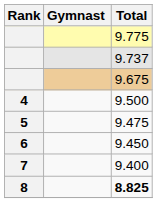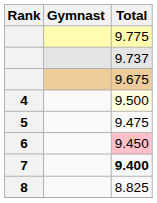 <table class="wikitable sortable" style="text-align:center; font-size:95%">
 <tr>
 <th scope=col>Rank</th>
 <th scope=col>Gymnast </th>
 <th scope=col>Total</th>
 </tr>
 <tr bgcolor=fffcaf>
 <th scope=row style="text-align:center"></th>
 <td align=left> </td>
 <td>9.775</td>
 </tr>
 <tr bgcolor=e5e5e5>
 <th scope=row style="text-align:center"></th>
 <td align=left> </td>
 <td>9.737</td>
 </tr>
 <tr bgcolor=eecc99>
 <th scope=row style="text-align:center"></th>
 <td align=left> </td>
 <td>9.675</td>
 </tr>
 <tr>
 <th scope=row style="text-align:center">4</th>
 <td align=left> </td>
-<td>9.500</td>
+<td style="background: lightyellow;">9.500</td>
 </tr>
 <tr>
 <th scope=row style="text-align:center">5</th>
 <td align=left> </td>
 <td>9.475</td>
 </tr>
 <tr>
 <th scope=row style="text-align:center">6</th>
 <td align=left> </td>
-<td>9.450</td>
+<td style="background: pink;">9.450</td>
 </tr>
 <tr>
 <th scope=row style="text-align:center">7</th>
 <td align=left> </td>
-<td>9.400</td>
+<td><strong>9.400</strong></td>
 </tr>
 <tr>
 <th scope=row style="text-align:center">8</th>
 <td align=left> </td>
-<td><strong>8.825</strong></td>
+<td>8.825</td>
 </tr>
 <tr>
 </tr>
 </table>
